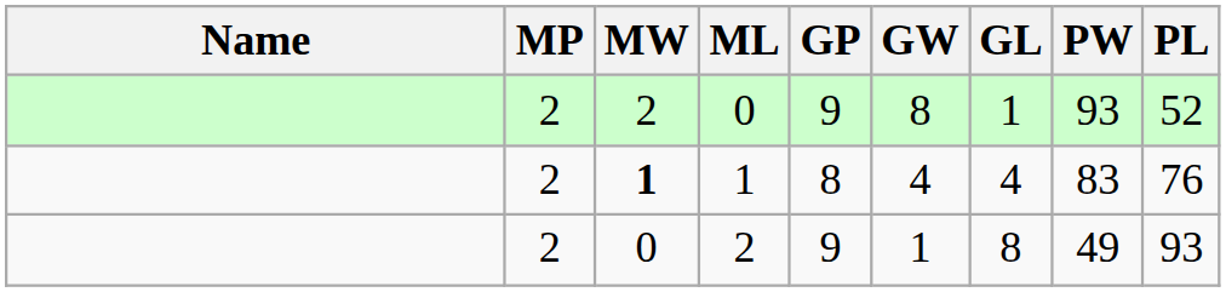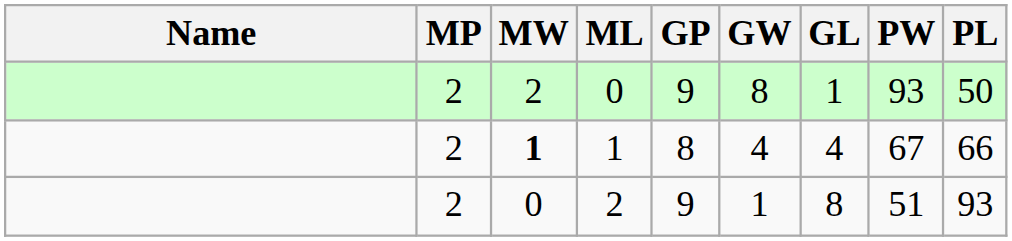 <table class=wikitable style="text-align:center">
 <tr>
 <th width=175>Name</th>
 <th width=20>MP</th>
 <th width=20>MW</th>
 <th width=20>ML</th>
 <th width=20>GP</th>
 <th width=20>GW</th>
 <th width=20>GL</th>
 <th width=20>PW</th>
 <th width=20>PL</th>
 </tr>
 <tr style="background-color:#ccffcc;">
 <td style="text-align:left;"><strong></strong></td>
 <td>2</td>
 <td>2</td>
 <td>0</td>
 <td>9</td>
 <td>8</td>
 <td>1</td>
 <td>93</td>
-<td>52</td>
+<td>50</td>
 </tr>
 <tr>
 <td style="text-align:left;"></td>
 <td>2</td>
 <td><strong>1</strong></td>
 <td>1</td>
 <td>8</td>
 <td>4</td>
 <td>4</td>
-<td>83</td>
-<td>76</td>
+<td>67</td>
+<td>66</td>
 </tr>
 <tr>
 <td style="text-align:left;"></td>
 <td>2</td>
 <td>0</td>
 <td>2</td>
 <td>9</td>
 <td>1</td>
 <td>8</td>
-<td>49</td>
+<td>51</td>
 <td>93</td>
 </tr>
 </table>
